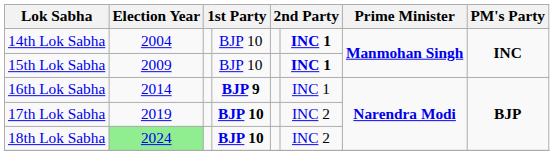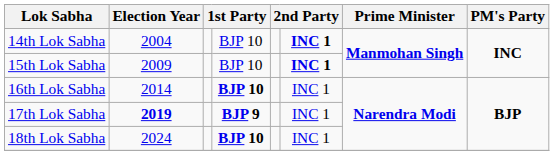 <table class="wikitable" style="text-align:center">
 <tr>
 <th>Lok Sabha</th>
 <th>Election Year</th>
 <th colspan="2">1st Party</th>
 <th colspan="2">2nd Party</th>
 <th>Prime Minister</th>
 <th>PM's Party</th>
 </tr>
 <tr>
 <td><a href='#'>14th Lok Sabha</a></td>
 <td><a href='#'>2004</a></td>
 <td style="background-color: "></td>
 <td><a href='#'>BJP</a> 10</td>
 <td style="background-color: "></td>
 <td><strong><a href='#'>INC</a> 1</strong></td>
 <td rowspan=2><strong><a href='#'>Manmohan Singh</a></strong></td>
 <td rowspan=2: style="background-color: "><strong>INC</strong></td>
 </tr>
 <tr>
 <td><a href='#'>15th Lok Sabha</a></td>
 <td><a href='#'>2009</a></td>
 <td style="background-color: "></td>
 <td><a href='#'>BJP</a> 10</td>
 <td style="background-color: "></td>
 <td><strong><a href='#'>INC</a> 1</strong></td>
 </tr>
 <tr>
 <td><a href='#'>16th Lok Sabha</a></td>
 <td><a href='#'>2014</a></td>
 <td style="background-color: "></td>
-<td><strong><a href='#'>BJP</a> 9</strong></td>
+<td><strong><a href='#'>BJP</a> 10</strong></td>
 <td style="background-color: "></td>
 <td><a href='#'>INC</a> 1</td>
 <td rowspan=3><strong><a href='#'>Narendra Modi</a></strong></td>
 <td rowspan=3: style="background-color: "><strong>BJP</strong></td>
 </tr>
 <tr>
 <td><a href='#'>17th Lok Sabha</a></td>
-<td><a href='#'>2019</a></td>
+<td><strong><a href='#'>2019</a></strong></td>
+<td style="background-color: "></td>
+<td><strong><a href='#'>BJP</a> 9</strong></td>
+<td style="background-color: "></td>
+<td><a href='#'>INC</a> 1</td>
+</tr>
+<tr>
+<td><a href='#'>18th Lok Sabha</a></td>
+<td><a href='#'>2024</a></td>
 <td style="background-color: "></td>
 <td><strong><a href='#'>BJP</a> 10</strong></td>
 <td style="background-color: "></td>
-<td><a href='#'>INC</a> 2</td>
-</tr>
-<tr>
-<td><a href='#'>18th Lok Sabha</a></td>
-<td style="background: lightgreen;"><a href='#'>2024</a></td>
-<td style="background-color: "></td>
-<td><strong><a href='#'>BJP</a> 10</strong></td>
-<td style="background-color: "></td>
-<td><a href='#'>INC</a> 2</td>
+<td><a href='#'>INC</a> 1</td>
 </tr>
 <tr>
 </tr>
 </table>
